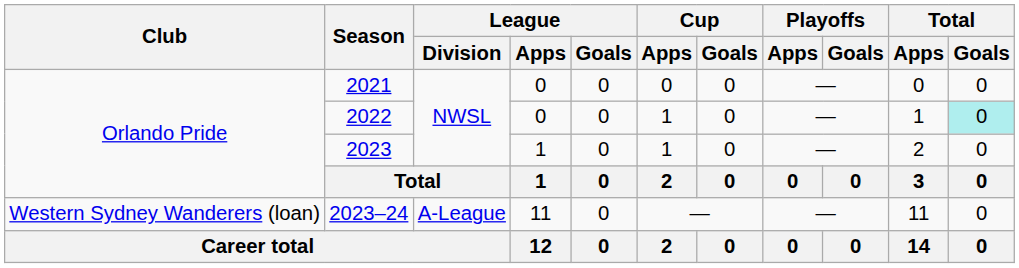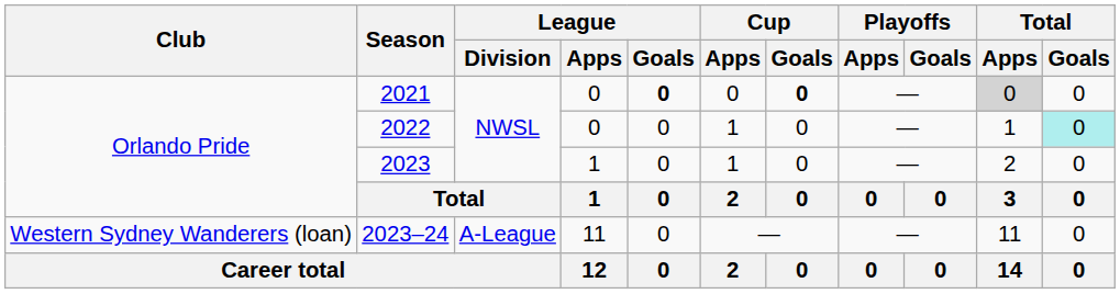 <table class="wikitable" style="text-align: center;">
 <tr>
 <th rowspan="2">Club</th>
 <th rowspan="2">Season</th>
 <th colspan="3">League</th>
 <th colspan="2">Cup</th>
 <th colspan="2">Playoffs</th>
 <th colspan="2">Total</th>
 </tr>
 <tr>
 <th>Division</th>
 <th>Apps</th>
 <th>Goals</th>
 <th>Apps</th>
 <th>Goals</th>
 <th>Apps</th>
 <th>Goals</th>
 <th>Apps</th>
 <th>Goals</th>
 </tr>
 <tr>
 <td rowspan="4"><a href='#'>Orlando Pride</a></td>
 <td><a href='#'>2021</a></td>
 <td rowspan="3"><a href='#'>NWSL</a></td>
 <td>0</td>
+<td><strong>0</strong></td>
 <td>0</td>
-<td>0</td>
-<td>0</td>
+<td><strong>0</strong></td>
 <td colspan="2">—</td>
-<td>0</td>
+<td style="background: lightgrey;">0</td>
 <td>0</td>
 </tr>
 <tr>
 <td><a href='#'>2022</a></td>
 <td>0</td>
 <td>0</td>
 <td>1</td>
 <td>0</td>
 <td colspan="2">—</td>
 <td>1</td>
 <td style="background: paleturquoise;">0</td>
 </tr>
 <tr>
 <td><a href='#'>2023</a></td>
 <td>1</td>
 <td>0</td>
 <td>1</td>
 <td>0</td>
 <td colspan="2">—</td>
 <td>2</td>
 <td>0</td>
 </tr>
 <tr>
 <th colspan="2">Total</th>
 <th>1</th>
 <th>0</th>
 <th>2</th>
 <th>0</th>
 <th>0</th>
 <th>0</th>
 <th>3</th>
 <th>0</th>
 </tr>
 <tr>
 <td><a href='#'>Western Sydney Wanderers</a> (loan)</td>
 <td><a href='#'>2023–24</a></td>
 <td><a href='#'>A-League</a></td>
 <td>11</td>
 <td>0</td>
 <td colspan="2">—</td>
 <td colspan="2">—</td>
 <td>11</td>
 <td>0</td>
 </tr>
 <tr>
 <th colspan="3">Career total</th>
 <th>12</th>
 <th>0</th>
 <th>2</th>
 <th>0</th>
 <th>0</th>
 <th>0</th>
 <th>14</th>
 <th>0</th>
 </tr>
 </table>
